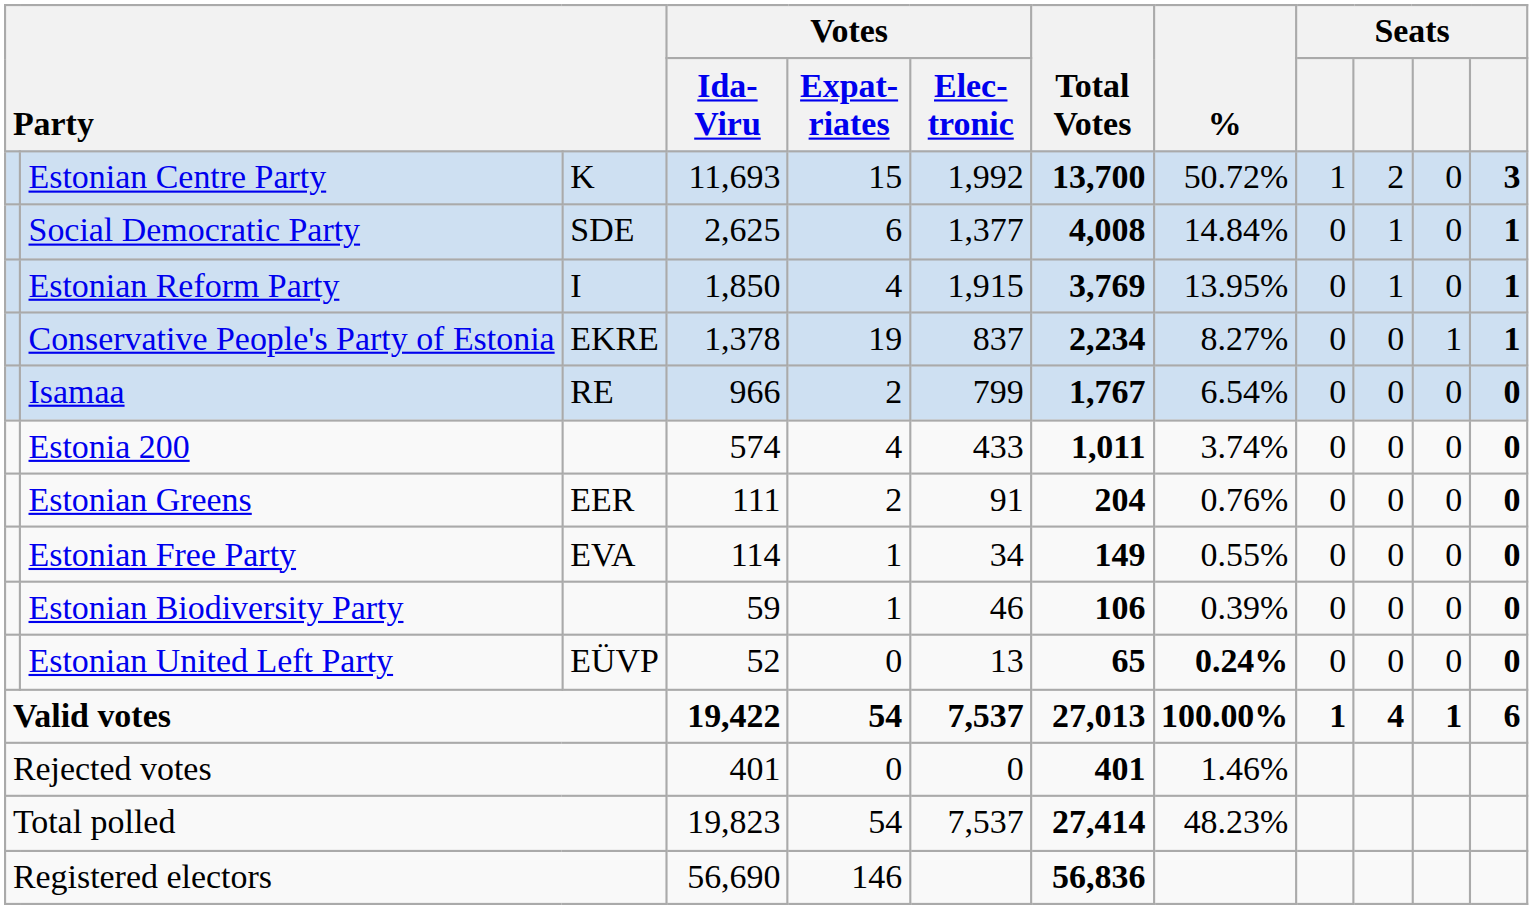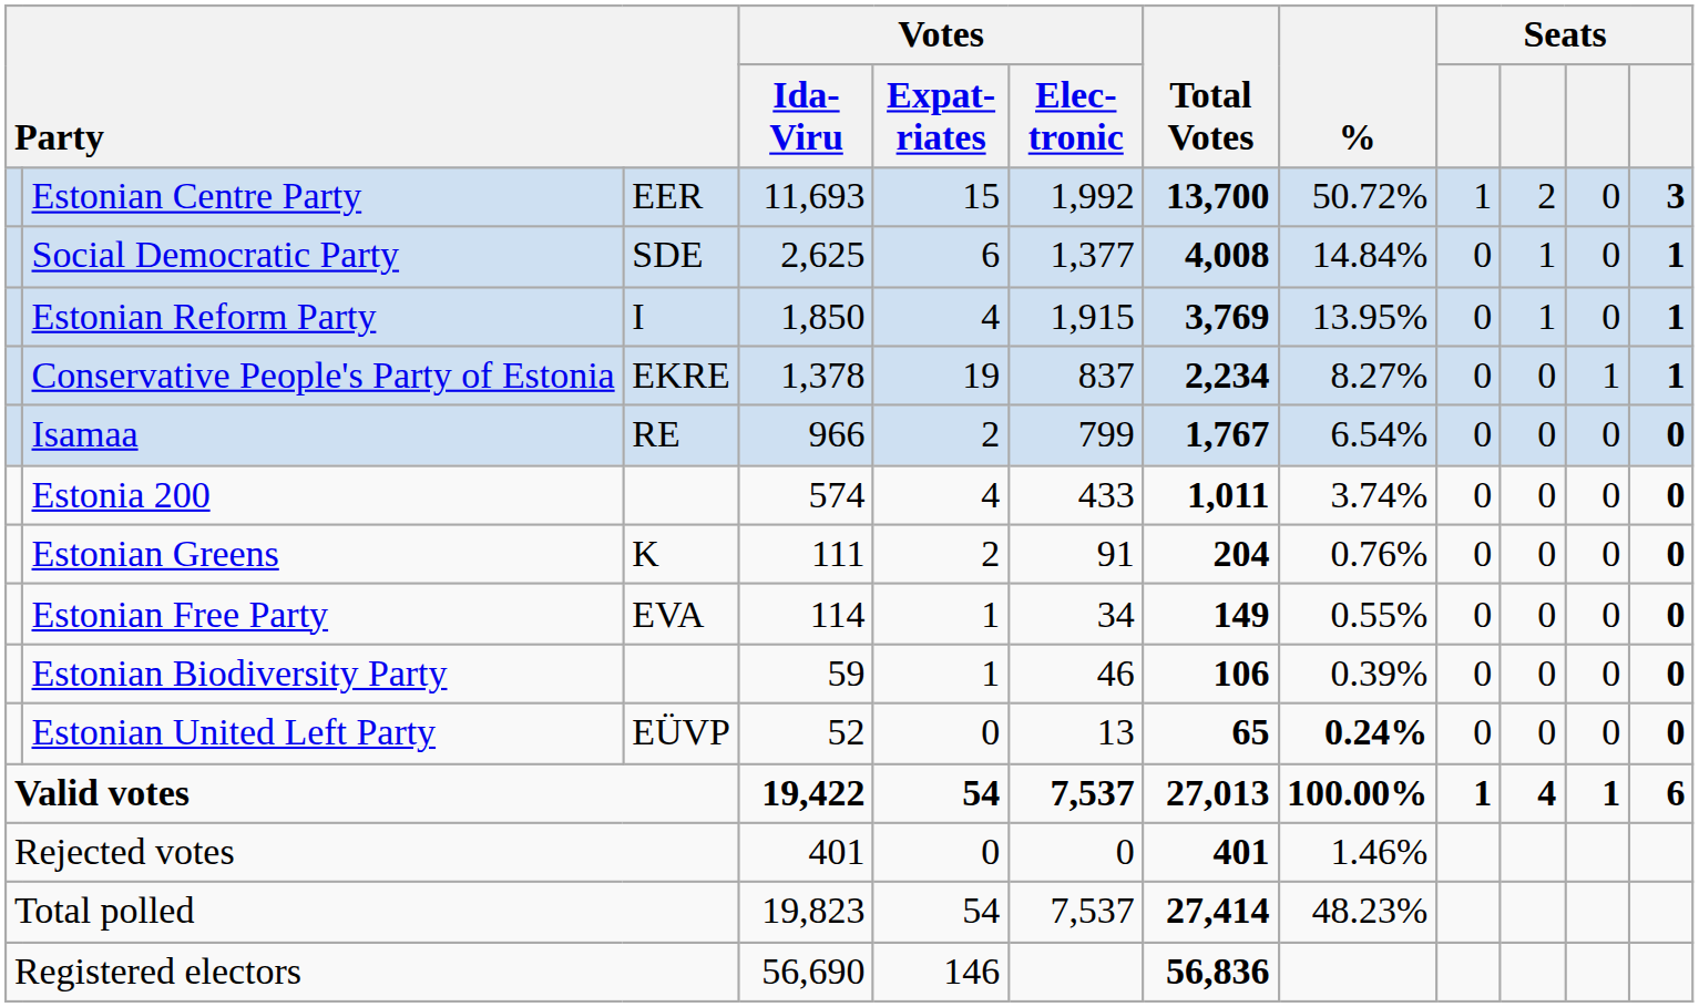 <table class="wikitable" border="1" style="text-align:right;">
 <tr>
 <th style="text-align:left;" valign=bottom rowspan=2 colspan=3>Party</th>
 <th colspan=3>Votes</th>
 <th align=center valign=bottom rowspan=2 width="50">Total Votes</th>
 <th align=center valign=bottom rowspan=2 width="50">%</th>
 <th colspan=4>Seats</th>
 </tr>
 <tr>
 <th align=center valign=bottom width="50"><a href='#'>Ida- Viru</a></th>
 <th align=center valign=bottom width="50"><a href='#'>Expat- riates</a></th>
 <th align=center valign=bottom width="50"><a href='#'>Elec- tronic</a></th>
 <th align=center valign=bottom width="20"><small></small></th>
 <th align=center valign=bottom width="20"><small></small></th>
 <th align=center valign=bottom width="20"><small></small></th>
 <th align=center valign=bottom width="20"><small></small></th>
 </tr>
 <tr style="background:#CEE0F2;">
 <td style="background:"></td>
 <td align=left><a href='#'>Estonian Centre Party</a></td>
-<td align=left>K</td>
+<td align=left>EER</td>
 <td>11,693</td>
 <td>15</td>
 <td>1,992</td>
 <td><strong>13,700</strong></td>
 <td>50.72%</td>
 <td>1</td>
 <td>2</td>
 <td>0</td>
 <td><strong>3</strong></td>
 </tr>
 <tr style="background:#CEE0F2;">
 <td style="background:"></td>
 <td align=left><a href='#'>Social Democratic Party</a></td>
 <td align=left>SDE</td>
 <td>2,625</td>
 <td>6</td>
 <td>1,377</td>
 <td><strong>4,008</strong></td>
 <td>14.84%</td>
 <td>0</td>
 <td>1</td>
 <td>0</td>
 <td><strong>1</strong></td>
 </tr>
 <tr style="background:#CEE0F2;">
 <td style="background:"></td>
 <td align=left><a href='#'>Estonian Reform Party</a></td>
 <td align=left>I</td>
 <td>1,850</td>
 <td>4</td>
 <td>1,915</td>
 <td><strong>3,769</strong></td>
 <td>13.95%</td>
 <td>0</td>
 <td>1</td>
 <td>0</td>
 <td><strong>1</strong></td>
 </tr>
 <tr style="background:#CEE0F2;">
 <td style="background:"></td>
 <td align=left><a href='#'>Conservative People's Party of Estonia</a></td>
 <td align=left>EKRE</td>
 <td>1,378</td>
 <td>19</td>
 <td>837</td>
 <td><strong>2,234</strong></td>
 <td>8.27%</td>
 <td>0</td>
 <td>0</td>
 <td>1</td>
 <td><strong>1</strong></td>
 </tr>
 <tr style="background:#CEE0F2;">
 <td style="background:"></td>
 <td align=left><a href='#'>Isamaa</a></td>
 <td align=left>RE</td>
 <td>966</td>
 <td>2</td>
 <td>799</td>
 <td><strong>1,767</strong></td>
 <td>6.54%</td>
 <td>0</td>
 <td>0</td>
 <td>0</td>
 <td><strong>0</strong></td>
 </tr>
 <tr>
 <td style="background:"></td>
 <td align=left><a href='#'>Estonia 200</a></td>
 <td></td>
 <td>574</td>
 <td>4</td>
 <td>433</td>
 <td><strong>1,011</strong></td>
 <td>3.74%</td>
 <td>0</td>
 <td>0</td>
 <td>0</td>
 <td><strong>0</strong></td>
 </tr>
 <tr>
 <td style="background:"></td>
 <td align=left><a href='#'>Estonian Greens</a></td>
-<td align=left>EER</td>
+<td align=left>K</td>
 <td>111</td>
 <td>2</td>
 <td>91</td>
 <td><strong>204</strong></td>
 <td>0.76%</td>
 <td>0</td>
 <td>0</td>
 <td>0</td>
 <td><strong>0</strong></td>
 </tr>
 <tr>
 <td style="background:"></td>
 <td align=left><a href='#'>Estonian Free Party</a></td>
 <td align=left>EVA</td>
 <td>114</td>
 <td>1</td>
 <td>34</td>
 <td><strong>149</strong></td>
 <td>0.55%</td>
 <td>0</td>
 <td>0</td>
 <td>0</td>
 <td><strong>0</strong></td>
 </tr>
 <tr>
 <td style="background:"></td>
 <td align=left><a href='#'>Estonian Biodiversity Party</a></td>
 <td></td>
 <td>59</td>
 <td>1</td>
 <td>46</td>
 <td><strong>106</strong></td>
 <td>0.39%</td>
 <td>0</td>
 <td>0</td>
 <td>0</td>
 <td><strong>0</strong></td>
 </tr>
 <tr>
 <td style="background:"></td>
 <td align=left><a href='#'>Estonian United Left Party</a></td>
 <td align=left>EÜVP</td>
 <td>52</td>
 <td>0</td>
 <td>13</td>
 <td><strong>65</strong></td>
 <td><strong>0.24%</strong></td>
 <td>0</td>
 <td>0</td>
 <td>0</td>
 <td><strong>0</strong></td>
 </tr>
 <tr style="font-weight:bold">
 <td align=left colspan=3>Valid votes</td>
 <td>19,422</td>
 <td>54</td>
 <td>7,537</td>
 <td>27,013</td>
 <td>100.00%</td>
 <td>1</td>
 <td>4</td>
 <td>1</td>
 <td>6</td>
 </tr>
 <tr>
 <td align=left colspan=3>Rejected votes</td>
 <td>401</td>
 <td>0</td>
 <td>0</td>
 <td><strong>401</strong></td>
 <td>1.46%</td>
 <td></td>
 <td></td>
 <td></td>
 <td></td>
 </tr>
 <tr>
 <td align=left colspan=3>Total polled</td>
 <td>19,823</td>
 <td>54</td>
 <td>7,537</td>
 <td><strong>27,414</strong></td>
 <td>48.23%</td>
 <td></td>
 <td></td>
 <td></td>
 <td></td>
 </tr>
 <tr>
 <td align=left colspan=3>Registered electors</td>
 <td>56,690</td>
 <td>146</td>
 <td></td>
 <td><strong>56,836</strong></td>
 <td></td>
 <td></td>
 <td></td>
 <td></td>
 <td></td>
 </tr>
 </table>
